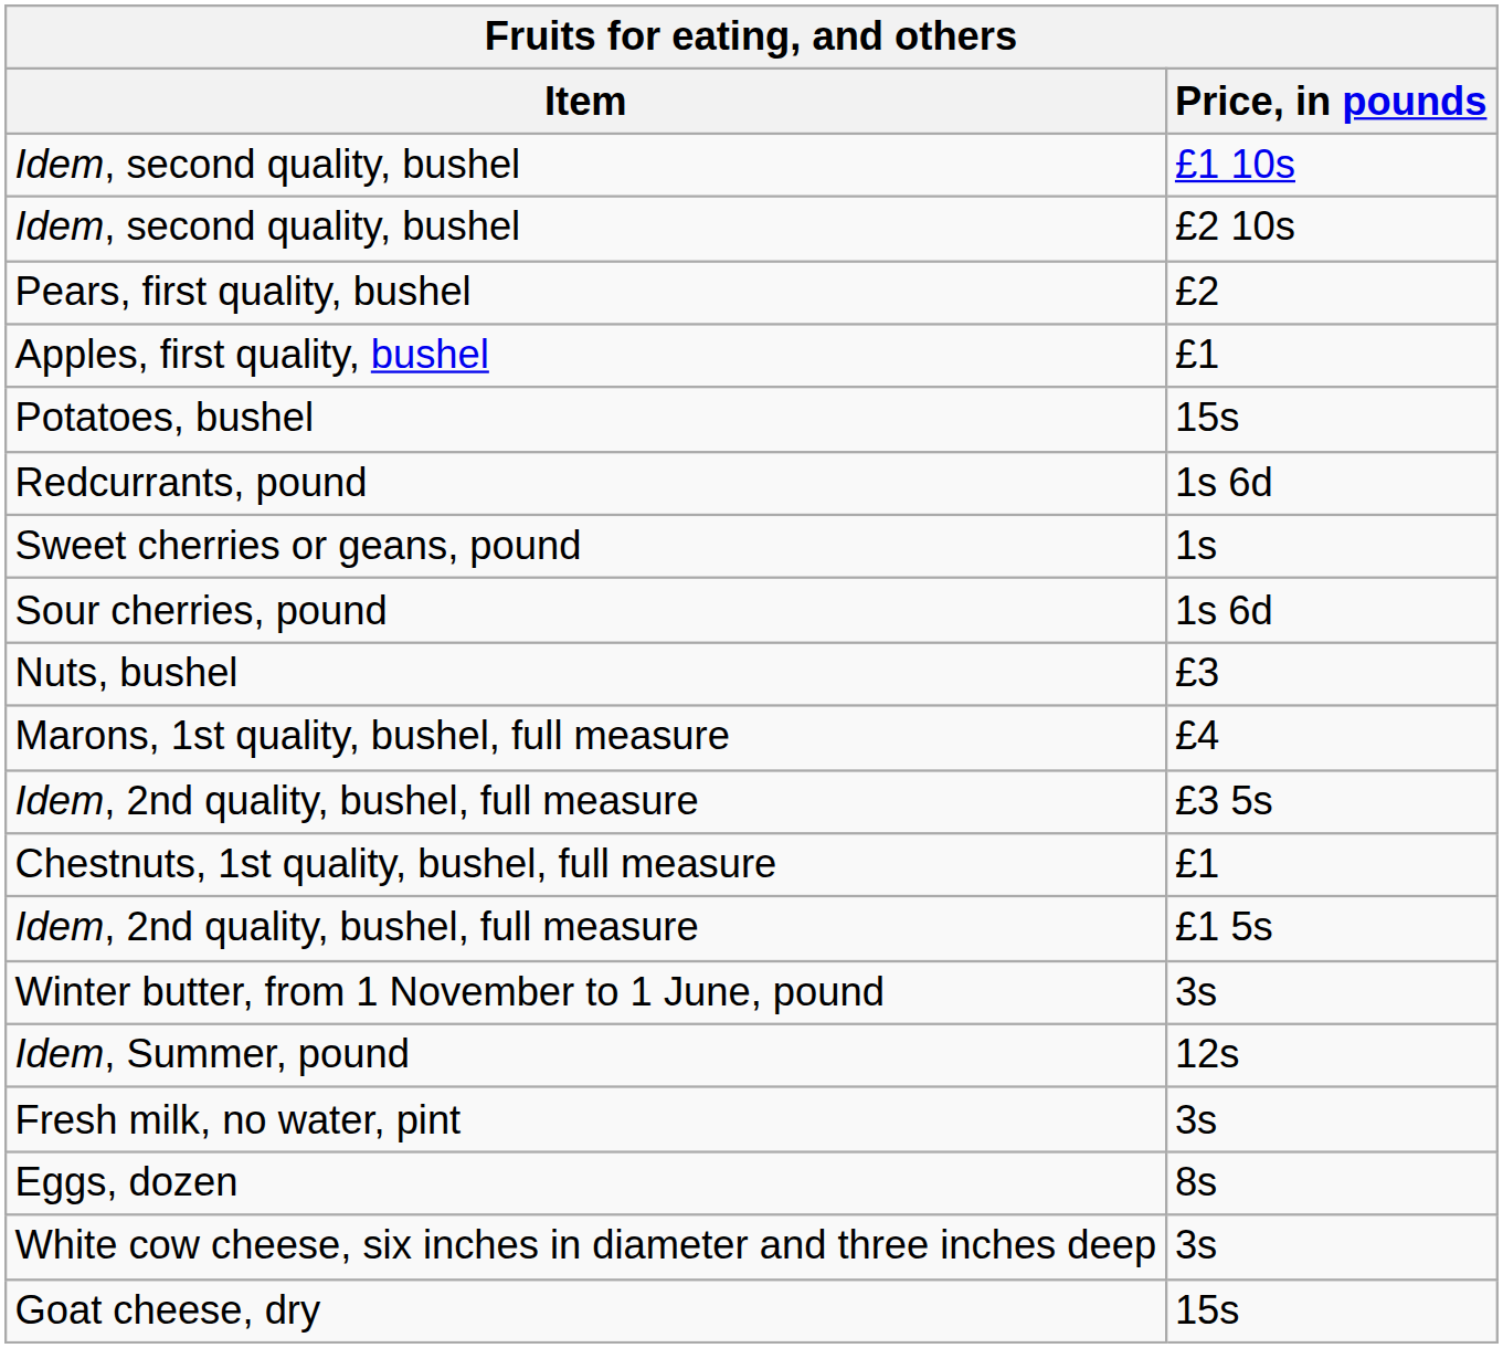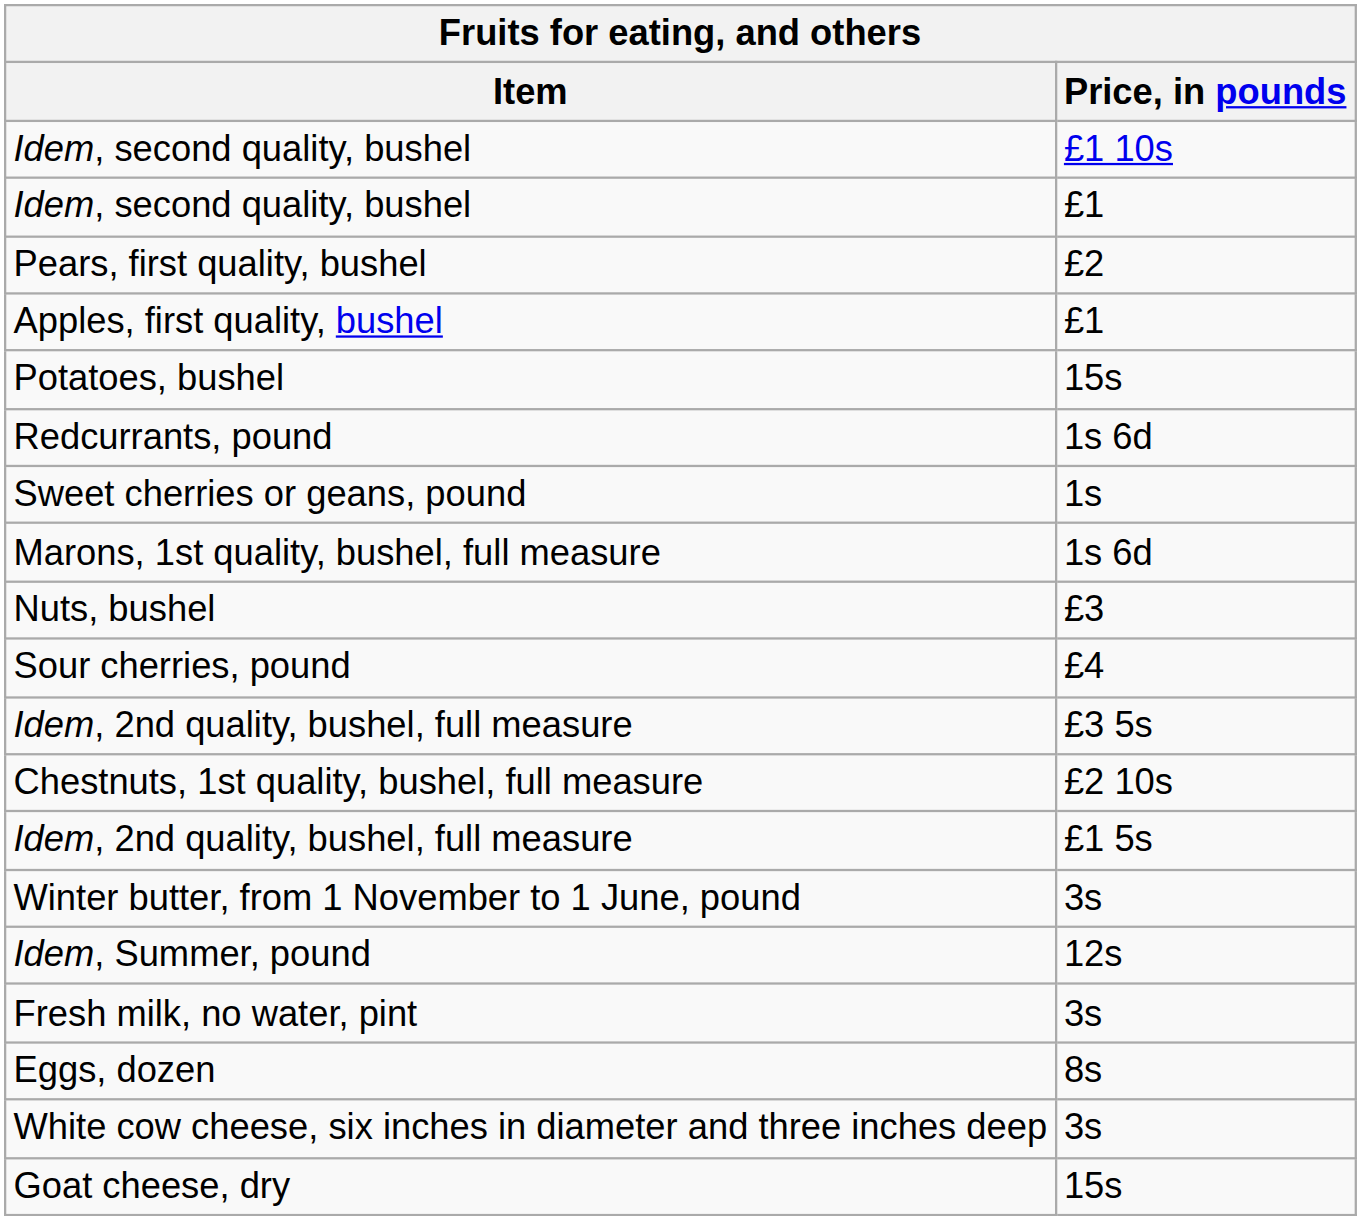 <table class="wikitable sortable mw-collapsible">
 <tr>
 <th colspan="2">Fruits for eating, and others </th>
 </tr>
 <tr>
 <th>Item</th>
 <th>Price, in <a href='#'>pounds</a></th>
 </tr>
 <tr>
 <td><em>Idem</em>, second quality, bushel</td>
 <td><a href='#'>£1 10s</a></td>
 </tr>
 <tr>
 <td><em>Idem</em>, second quality, bushel</td>
-<td>£2 10s</td>
+<td>£1</td>
 </tr>
 <tr>
 <td>Pears, first quality, bushel</td>
 <td>£2</td>
 </tr>
 <tr>
 <td>Apples, first quality, <a href='#'>bushel</a></td>
 <td>£1</td>
 </tr>
 <tr>
 <td>Potatoes, bushel</td>
 <td>15s</td>
 </tr>
 <tr>
 <td>Redcurrants, pound</td>
 <td>1s 6d</td>
 </tr>
 <tr>
 <td>Sweet cherries or geans, pound</td>
 <td>1s</td>
 </tr>
 <tr>
-<td>Sour cherries, pound</td>
+<td>Marons, 1st quality, bushel, full measure</td>
 <td>1s 6d</td>
 </tr>
 <tr>
 <td>Nuts, bushel</td>
 <td>£3</td>
 </tr>
 <tr>
-<td>Marons, 1st quality, bushel, full measure</td>
+<td>Sour cherries, pound</td>
 <td>£4</td>
 </tr>
 <tr>
 <td><em>Idem</em>, 2nd quality, bushel, full measure</td>
 <td>£3 5s</td>
 </tr>
 <tr>
 <td>Chestnuts, 1st quality, bushel, full measure</td>
-<td>£1</td>
+<td>£2 10s</td>
 </tr>
 <tr>
 <td><em>Idem</em>, 2nd quality, bushel, full measure</td>
 <td>£1 5s</td>
 </tr>
 <tr>
 <td>Winter butter, from 1 November to 1 June, pound</td>
 <td>3s</td>
 </tr>
 <tr>
 <td><em>Idem</em>, Summer, pound</td>
 <td>12s</td>
 </tr>
 <tr>
 <td>Fresh milk, no water, pint</td>
 <td>3s</td>
 </tr>
 <tr>
 <td>Eggs, dozen</td>
 <td>8s</td>
 </tr>
 <tr>
 <td>White cow cheese, six inches in diameter and three inches deep</td>
 <td>3s</td>
 </tr>
 <tr>
 <td>Goat cheese, dry</td>
 <td>15s</td>
 </tr>
 </table>
